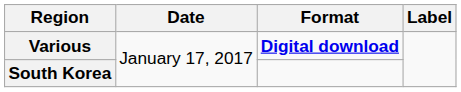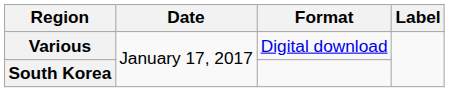 <table class="wikitable plainrowheaders">
 <tr>
 <th>Region</th>
 <th>Date</th>
 <th>Format</th>
 <th>Label</th>
 </tr>
 <tr>
 <th scope="row">Various</th>
 <td rowspan="2">January 17, 2017</td>
-<td><strong><a href='#'>Digital download</a></strong></td>
+<td><a href='#'>Digital download</a></td>
 <td rowspan="2"></td>
 </tr>
 <tr>
 <th scope="row">South Korea</th>
 <td></td>
 </tr>
 </table>
